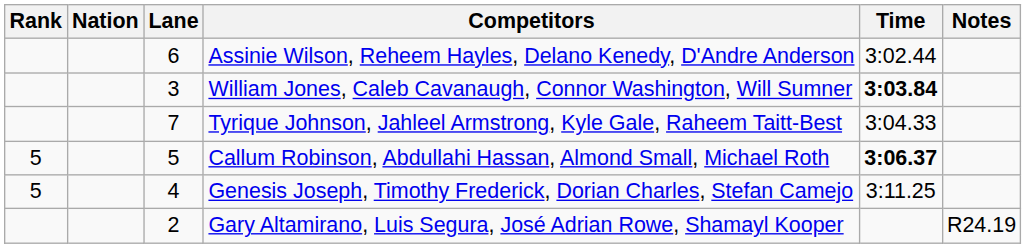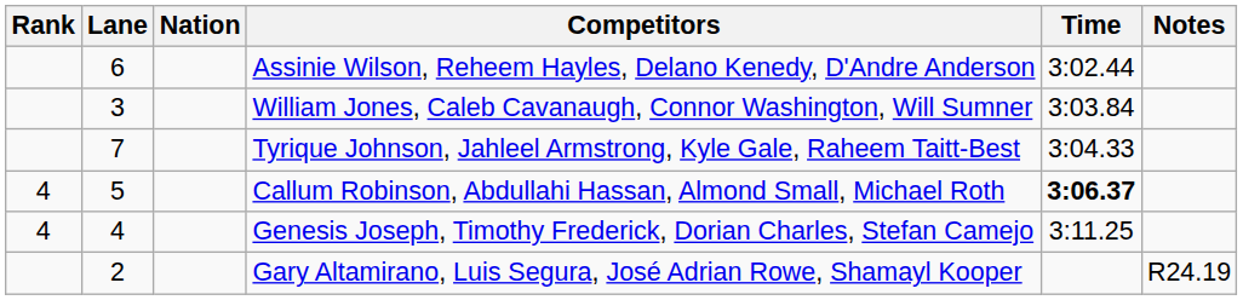 <table class="wikitable sortable" style="text-align:center">
 <tr>
 <th>Rank</th>
+<th>Lane</th>
 <th>Nation</th>
-<th>Lane</th>
 <th>Competitors</th>
 <th>Time</th>
 <th>Notes</th>
 </tr>
 <tr>
 <td></td>
+<td>6</td>
 <td align=left></td>
-<td>6</td>
 <td align=left><a href='#'>Assinie Wilson</a>, <a href='#'>Reheem Hayles</a>, <a href='#'>Delano Kenedy</a>, <a href='#'>D'Andre Anderson</a></td>
 <td>3:02.44</td>
 <td></td>
 </tr>
 <tr>
 <td></td>
+<td>3</td>
 <td align=left></td>
-<td>3</td>
 <td align=left><a href='#'>William Jones</a>, <a href='#'>Caleb Cavanaugh</a>, <a href='#'>Connor Washington</a>, <a href='#'>Will Sumner</a></td>
-<td><strong>3:03.84</strong></td>
+<td>3:03.84</td>
 <td></td>
 </tr>
 <tr>
 <td></td>
+<td>7</td>
 <td align=left></td>
-<td>7</td>
 <td align=left><a href='#'>Tyrique Johnson</a>, <a href='#'>Jahleel Armstrong</a>, <a href='#'>Kyle Gale</a>, <a href='#'>Raheem Taitt-Best</a></td>
 <td>3:04.33</td>
 <td></td>
 </tr>
 <tr>
+<td>4</td>
 <td>5</td>
 <td align=left></td>
-<td>5</td>
 <td align=left><a href='#'>Callum Robinson</a>, <a href='#'>Abdullahi Hassan</a>, <a href='#'>Almond Small</a>, <a href='#'>Michael Roth</a></td>
 <td><strong>3:06.37</strong></td>
 <td></td>
 </tr>
 <tr>
-<td>5</td>
+<td>4</td>
+<td>4</td>
 <td align=left></td>
-<td>4</td>
 <td align=left><a href='#'>Genesis Joseph</a>, <a href='#'>Timothy Frederick</a>, <a href='#'>Dorian Charles</a>, <a href='#'>Stefan Camejo</a></td>
 <td>3:11.25</td>
 <td></td>
 </tr>
 <tr>
 <td></td>
+<td>2</td>
 <td align=left></td>
-<td>2</td>
 <td align=left><a href='#'>Gary Altamirano</a>, <a href='#'>Luis Segura</a>, <a href='#'>José Adrian Rowe</a>, <a href='#'>Shamayl Kooper</a></td>
 <td></td>
 <td>R24.19</td>
 </tr>
 </table>
